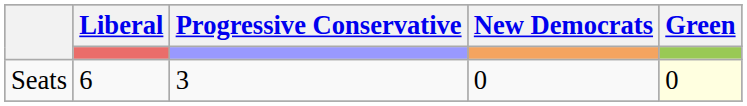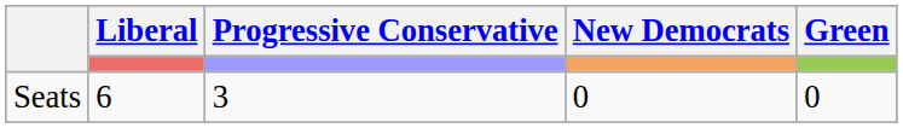 <table class="wikitable">
 <tr style="background-color:#E9E9E9" |>
 <th rowspan="2"></th>
 <th><a href='#'>Liberal</a></th>
 <th><a href='#'>Progressive Conservative</a></th>
 <th><a href='#'>New Democrats</a></th>
 <th><a href='#'>Green</a></th>
 </tr>
 <tr>
 <th style="background-color:#EA6D6A;"></th>
 <th style="background-color:#9999FF;"></th>
 <th style="background-color:#F4A460;"></th>
 <th style="background-color:#99C955;"></th>
 </tr>
 <tr>
 <td>Seats</td>
 <td>6</td>
 <td>3</td>
 <td>0</td>
-<td style="background: lightyellow;">0</td>
+<td>0</td>
 </tr>
 </table>
